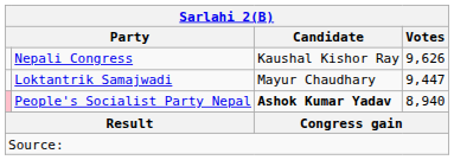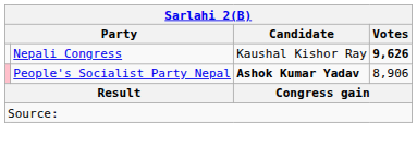 <table class="wikitable">
 <tr>
 <th colspan="4"><a href='#'>Sarlahi 2(B)</a></th>
 </tr>
 <tr>
 <th colspan="2">Party</th>
 <th>Candidate</th>
 <th>Votes</th>
 </tr>
 <tr>
 <td style="background-color:"></td>
 <td><a href='#'>Nepali Congress</a></td>
 <td>Kaushal Kishor Ray</td>
-<td>9,626</td>
-</tr>
-<tr>
-<td></td>
-<td><a href='#'>Loktantrik Samajwadi</a></td>
-<td>Mayur Chaudhary</td>
-<td>9,447</td>
+<td><strong>9,626</strong></td>
 </tr>
 <tr>
 <td style="background-color:#FFC0CB"></td>
 <td><a href='#'>People's Socialist Party Nepal</a></td>
 <td><strong>Ashok Kumar Yadav</strong></td>
-<td>8,940</td>
+<td>8,906</td>
 </tr>
 <tr>
 <th colspan="2">Result</th>
 <th colspan="2">Congress gain</th>
 </tr>
 <tr>
 <td colspan="4">Source: </td>
 </tr>
 </table>
